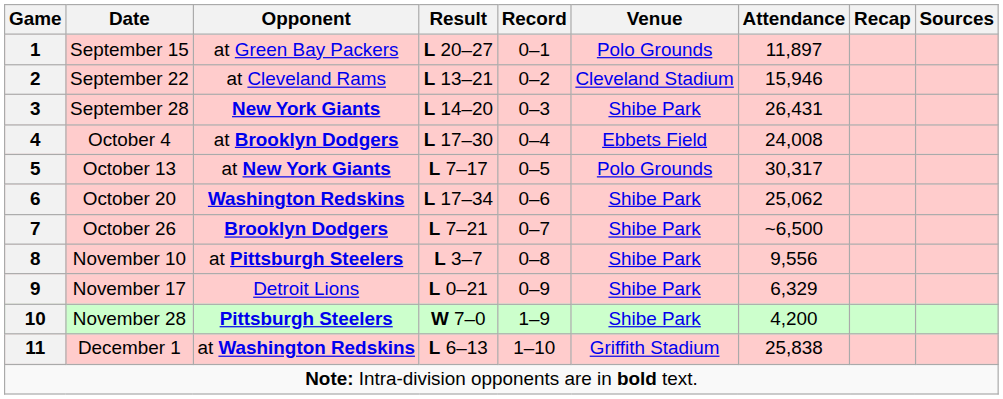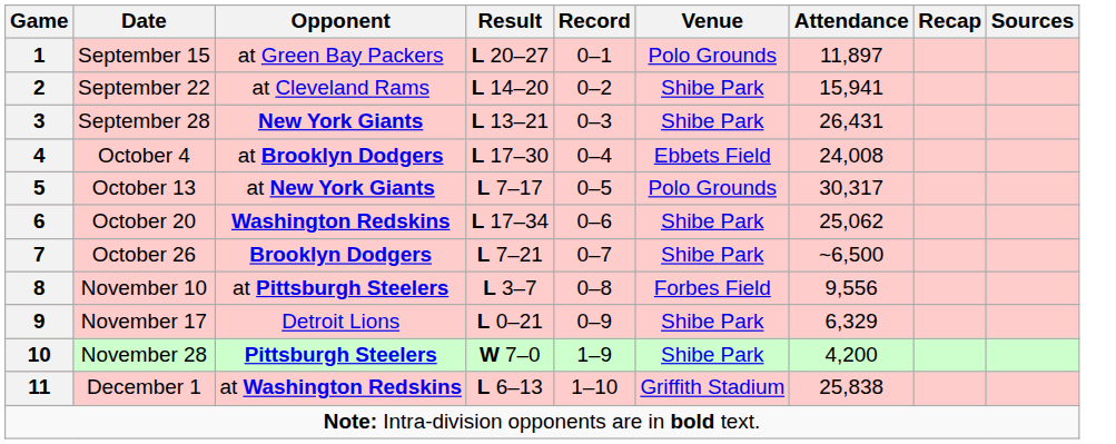 <table class="wikitable" style="text-align:center">
 <tr>
 <th>Game</th>
 <th>Date</th>
 <th>Opponent</th>
 <th>Result</th>
 <th>Record</th>
 <th>Venue</th>
 <th>Attendance</th>
 <th>Recap</th>
 <th>Sources</th>
 </tr>
 <tr style="background:#fcc">
 <th>1</th>
 <td>September 15</td>
 <td>at <a href='#'>Green Bay Packers</a></td>
 <td><strong>L</strong> 20–27</td>
 <td>0–1</td>
 <td><a href='#'>Polo Grounds</a></td>
 <td>11,897</td>
 <td></td>
 <td></td>
 </tr>
 <tr style="background:#fcc">
 <th>2</th>
 <td>September 22</td>
 <td>at <a href='#'>Cleveland Rams</a></td>
-<td><strong>L</strong> 13–21</td>
+<td><strong>L</strong> 14–20</td>
 <td>0–2</td>
-<td><a href='#'>Cleveland Stadium</a></td>
-<td>15,946</td>
+<td><a href='#'>Shibe Park</a></td>
+<td>15,941</td>
 <td></td>
 <td></td>
 </tr>
 <tr style="background:#fcc">
 <th>3</th>
 <td>September 28</td>
 <td><strong><a href='#'>New York Giants</a></strong></td>
-<td><strong>L</strong> 14–20</td>
+<td><strong>L</strong> 13–21</td>
 <td>0–3</td>
 <td><a href='#'>Shibe Park</a></td>
 <td>26,431</td>
 <td></td>
 <td></td>
 </tr>
 <tr style="background:#fcc">
 <th>4</th>
 <td>October 4</td>
 <td>at <strong><a href='#'>Brooklyn Dodgers</a></strong></td>
 <td><strong>L</strong> 17–30</td>
 <td>0–4</td>
 <td><a href='#'>Ebbets Field</a></td>
 <td>24,008</td>
 <td></td>
 <td></td>
 </tr>
 <tr style="background:#fcc">
 <th>5</th>
 <td>October 13</td>
 <td>at <strong><a href='#'>New York Giants</a></strong></td>
 <td><strong>L</strong> 7–17</td>
 <td>0–5</td>
 <td><a href='#'>Polo Grounds</a></td>
 <td>30,317</td>
 <td></td>
 <td></td>
 </tr>
 <tr style="background:#fcc">
 <th>6</th>
 <td>October 20</td>
 <td><strong><a href='#'>Washington Redskins</a></strong></td>
 <td><strong>L</strong> 17–34</td>
 <td>0–6</td>
 <td><a href='#'>Shibe Park</a></td>
 <td>25,062</td>
 <td></td>
 <td></td>
 </tr>
 <tr style="background:#fcc">
 <th>7</th>
 <td>October 26</td>
 <td><strong><a href='#'>Brooklyn Dodgers</a></strong></td>
 <td><strong>L</strong> 7–21</td>
 <td>0–7</td>
 <td><a href='#'>Shibe Park</a></td>
 <td>~6,500</td>
 <td></td>
 <td></td>
 </tr>
 <tr style="background:#fcc">
 <th>8</th>
 <td>November 10</td>
 <td>at <strong><a href='#'>Pittsburgh Steelers</a></strong></td>
 <td><strong>L</strong> 3–7</td>
 <td>0–8</td>
-<td><a href='#'>Shibe Park</a></td>
+<td><a href='#'>Forbes Field</a></td>
 <td>9,556</td>
 <td></td>
 <td></td>
 </tr>
 <tr style="background:#fcc">
 <th>9</th>
 <td>November 17</td>
 <td><a href='#'>Detroit Lions</a></td>
 <td><strong>L</strong> 0–21</td>
 <td>0–9</td>
 <td><a href='#'>Shibe Park</a></td>
 <td>6,329</td>
 <td></td>
 <td></td>
 </tr>
 <tr style="background:#cfc">
 <th>10</th>
 <td>November 28</td>
 <td><strong><a href='#'>Pittsburgh Steelers</a></strong></td>
 <td><strong>W</strong> 7–0</td>
 <td>1–9</td>
 <td><a href='#'>Shibe Park</a></td>
 <td>4,200</td>
 <td></td>
 <td></td>
 </tr>
 <tr style="background:#fcc">
 <th>11</th>
 <td>December 1</td>
 <td>at <strong><a href='#'>Washington Redskins</a></strong></td>
 <td><strong>L</strong> 6–13</td>
 <td>1–10</td>
 <td><a href='#'>Griffith Stadium</a></td>
 <td>25,838</td>
 <td></td>
 <td></td>
 </tr>
 <tr>
 <td colspan="10"><strong>Note:</strong> Intra-division opponents are in <strong>bold</strong> text.</td>
 </tr>
 </table>
